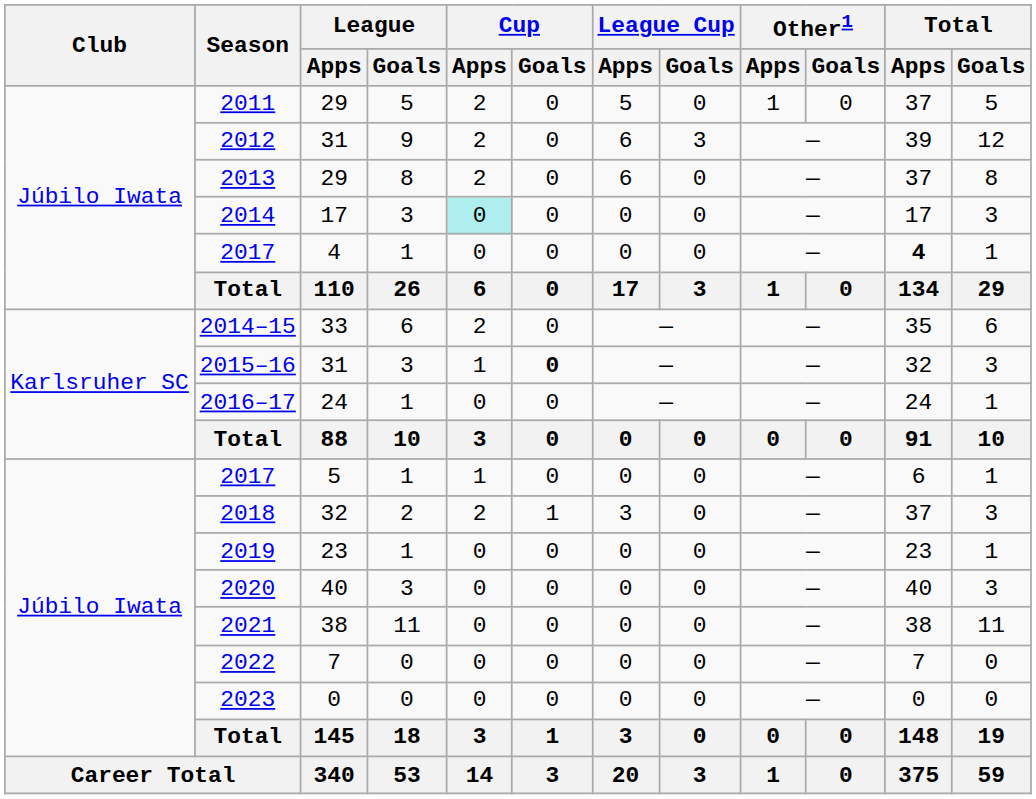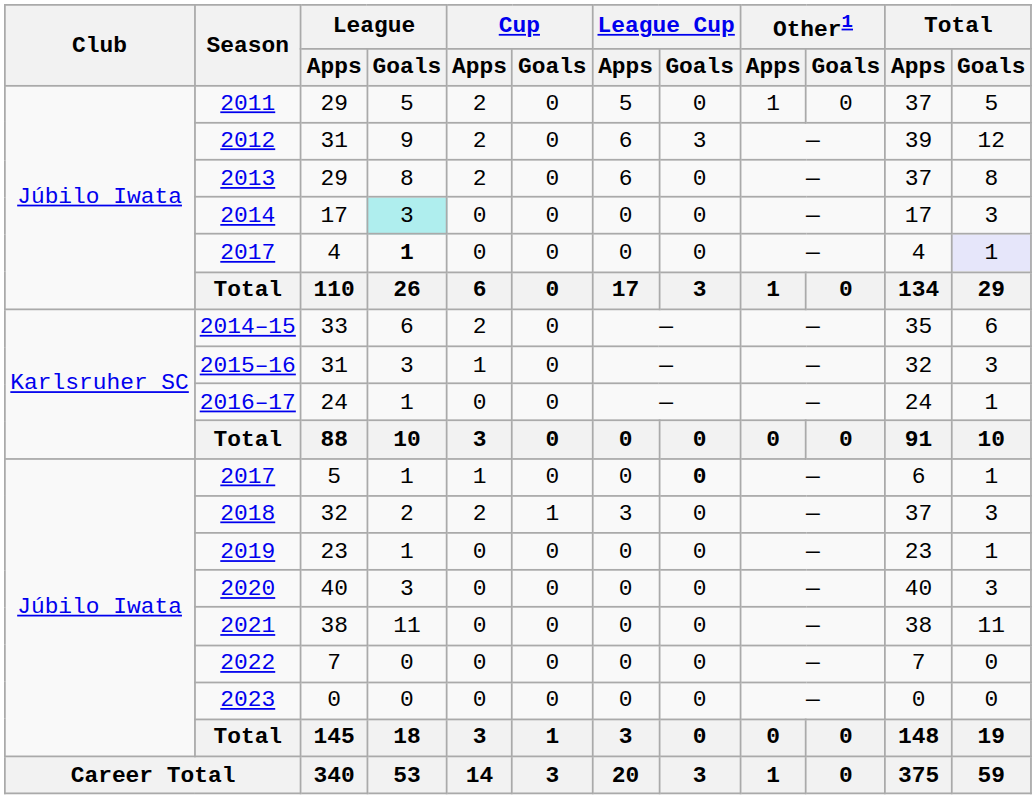 <table class="wikitable" style="text-align:center;">
 <tr>
 <th rowspan="2">Club</th>
 <th rowspan="2">Season</th>
 <th colspan="2">League</th>
 <th colspan="2"><a href='#'>Cup</a></th>
 <th colspan="2"><a href='#'>League Cup</a></th>
 <th colspan="2">Other<sup><a href='#'>1</a></sup></th>
 <th colspan="2">Total</th>
 </tr>
 <tr>
 <th>Apps</th>
 <th>Goals</th>
 <th>Apps</th>
 <th>Goals</th>
 <th>Apps</th>
 <th>Goals</th>
 <th>Apps</th>
 <th>Goals</th>
 <th>Apps</th>
 <th>Goals</th>
 </tr>
 <tr>
 <td rowspan="6"><a href='#'>Júbilo Iwata</a></td>
 <td><a href='#'>2011</a></td>
 <td>29</td>
 <td>5</td>
 <td>2</td>
 <td>0</td>
 <td>5</td>
 <td>0</td>
 <td>1</td>
 <td>0</td>
 <td>37</td>
 <td>5</td>
 </tr>
 <tr>
 <td><a href='#'>2012</a></td>
 <td>31</td>
 <td>9</td>
 <td>2</td>
 <td>0</td>
 <td>6</td>
 <td>3</td>
 <td colspan="2">—</td>
 <td>39</td>
 <td>12</td>
 </tr>
 <tr>
 <td><a href='#'>2013</a></td>
 <td>29</td>
 <td>8</td>
 <td>2</td>
 <td>0</td>
 <td>6</td>
 <td>0</td>
 <td colspan="2">—</td>
 <td>37</td>
 <td>8</td>
 </tr>
 <tr>
 <td><a href='#'>2014</a></td>
 <td>17</td>
-<td>3</td>
-<td style="background: paleturquoise;">0</td>
+<td style="background: paleturquoise;">3</td>
+<td>0</td>
 <td>0</td>
 <td>0</td>
 <td>0</td>
 <td colspan="2">—</td>
 <td>17</td>
 <td>3</td>
 </tr>
 <tr>
 <td><a href='#'>2017</a></td>
 <td>4</td>
-<td>1</td>
+<td><strong>1</strong></td>
 <td>0</td>
 <td>0</td>
 <td>0</td>
 <td>0</td>
 <td colspan="2">—</td>
-<td><strong>4</strong></td>
-<td>1</td>
+<td>4</td>
+<td style="background: lavender;">1</td>
 </tr>
 <tr>
 <th colspan="1">Total</th>
 <th>110</th>
 <th>26</th>
 <th>6</th>
 <th>0</th>
 <th>17</th>
 <th>3</th>
 <th>1</th>
 <th>0</th>
 <th>134</th>
 <th>29</th>
 </tr>
 <tr>
 <td rowspan="4"><a href='#'>Karlsruher SC</a></td>
 <td><a href='#'>2014–15</a></td>
 <td>33</td>
 <td>6</td>
 <td>2</td>
 <td>0</td>
 <td colspan="2">—</td>
 <td colspan="2">—</td>
 <td>35</td>
 <td>6</td>
 </tr>
 <tr>
 <td><a href='#'>2015–16</a></td>
 <td>31</td>
 <td>3</td>
 <td>1</td>
-<td><strong>0</strong></td>
+<td>0</td>
 <td colspan="2">—</td>
 <td colspan="2">—</td>
 <td>32</td>
 <td>3</td>
 </tr>
 <tr>
 <td><a href='#'>2016–17</a></td>
 <td>24</td>
 <td>1</td>
 <td>0</td>
 <td>0</td>
 <td colspan="2">—</td>
 <td colspan="2">—</td>
 <td>24</td>
 <td>1</td>
 </tr>
 <tr>
 <th colspan="1">Total</th>
 <th>88</th>
 <th>10</th>
 <th>3</th>
 <th>0</th>
 <th>0</th>
 <th>0</th>
 <th>0</th>
 <th>0</th>
 <th>91</th>
 <th>10</th>
 </tr>
 <tr>
 <td rowspan="8"><a href='#'>Júbilo Iwata</a></td>
 <td><a href='#'>2017</a></td>
 <td>5</td>
 <td>1</td>
 <td>1</td>
 <td>0</td>
 <td>0</td>
-<td>0</td>
+<td><strong>0</strong></td>
 <td colspan="2">—</td>
 <td>6</td>
 <td>1</td>
 </tr>
 <tr>
 <td><a href='#'>2018</a></td>
 <td>32</td>
 <td>2</td>
 <td>2</td>
 <td>1</td>
 <td>3</td>
 <td>0</td>
 <td colspan="2">—</td>
 <td>37</td>
 <td>3</td>
 </tr>
 <tr>
 <td><a href='#'>2019</a></td>
 <td>23</td>
 <td>1</td>
 <td>0</td>
 <td>0</td>
 <td>0</td>
 <td>0</td>
 <td colspan="2">—</td>
 <td>23</td>
 <td>1</td>
 </tr>
 <tr>
 <td><a href='#'>2020</a></td>
 <td>40</td>
 <td>3</td>
 <td>0</td>
 <td>0</td>
 <td>0</td>
 <td>0</td>
 <td colspan="2">—</td>
 <td>40</td>
 <td>3</td>
 </tr>
 <tr>
 <td><a href='#'>2021</a></td>
 <td>38</td>
 <td>11</td>
 <td>0</td>
 <td>0</td>
 <td>0</td>
 <td>0</td>
 <td colspan="2">—</td>
 <td>38</td>
 <td>11</td>
 </tr>
 <tr>
 <td><a href='#'>2022</a></td>
 <td>7</td>
 <td>0</td>
 <td>0</td>
 <td>0</td>
 <td>0</td>
 <td>0</td>
 <td colspan="2">—</td>
 <td>7</td>
 <td>0</td>
 </tr>
 <tr>
 <td><a href='#'>2023</a></td>
 <td>0</td>
 <td>0</td>
 <td>0</td>
 <td>0</td>
 <td>0</td>
 <td>0</td>
 <td colspan="2">—</td>
 <td>0</td>
 <td>0</td>
 </tr>
 <tr>
 <th colspan="1">Total</th>
 <th>145</th>
 <th>18</th>
 <th>3</th>
 <th>1</th>
 <th>3</th>
 <th>0</th>
 <th>0</th>
 <th>0</th>
 <th>148</th>
 <th>19</th>
 </tr>
 <tr>
 <th colspan="2">Career Total</th>
 <th>340</th>
 <th>53</th>
 <th>14</th>
 <th>3</th>
 <th>20</th>
 <th>3</th>
 <th>1</th>
 <th>0</th>
 <th>375</th>
 <th>59</th>
 </tr>
 </table>
